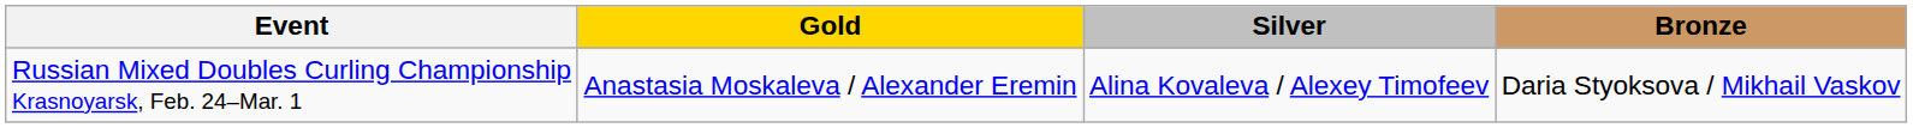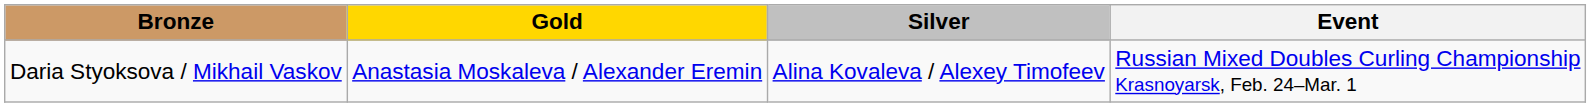 <table class="wikitable">
 <tr>
-<th>Event</th>
+<th style="background:#cc9966">Bronze</th>
 <th style="background:gold">Gold</th>
 <th style="background:silver">Silver</th>
-<th style="background:#cc9966">Bronze</th>
+<th>Event</th>
 </tr>
 <tr>
-<td><a href='#'>Russian Mixed Doubles Curling Championship</a> <br> <small><a href='#'>Krasnoyarsk</a>, Feb. 24–Mar. 1</small></td>
+<td> Daria Styoksova / <a href='#'>Mikhail Vaskov</a></td>
 <td> <a href='#'>Anastasia Moskaleva</a> / <a href='#'>Alexander Eremin</a></td>
 <td> <a href='#'>Alina Kovaleva</a> / <a href='#'>Alexey Timofeev</a></td>
-<td> Daria Styoksova / <a href='#'>Mikhail Vaskov</a></td>
+<td><a href='#'>Russian Mixed Doubles Curling Championship</a> <br> <small><a href='#'>Krasnoyarsk</a>, Feb. 24–Mar. 1</small></td>
 </tr>
 </table>
